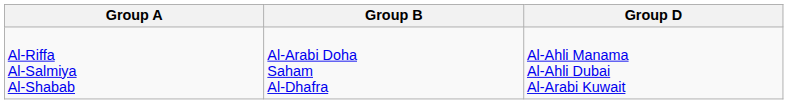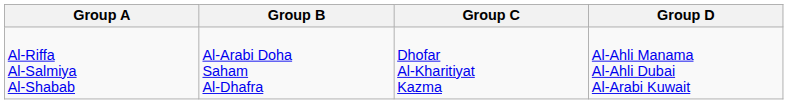 <table class="wikitable" width=98%>
 <tr>
 <th width=20%>Group A</th>
 <th width=20%>Group B</th>
+<th width=20%>Group C</th>
 <th width=20%>Group D</th>
 </tr>
 <tr>
 <td><br> <a href='#'>Al-Riffa</a> <br>  <a href='#'>Al-Salmiya</a> <br>  <a href='#'>Al-Shabab</a> <br></td>
 <td><br> <a href='#'>Al-Arabi Doha</a> <br>  <a href='#'>Saham</a> <br>  <a href='#'>Al-Dhafra</a> <br></td>
+<td><br> <a href='#'>Dhofar</a> <br>  <a href='#'>Al-Kharitiyat</a> <br>  <a href='#'>Kazma</a> <br></td>
 <td><br> <a href='#'>Al-Ahli Manama</a> <br>  <a href='#'>Al-Ahli Dubai</a> <br>  <a href='#'>Al-Arabi Kuwait</a> <br></td>
 </tr>
 </table>
